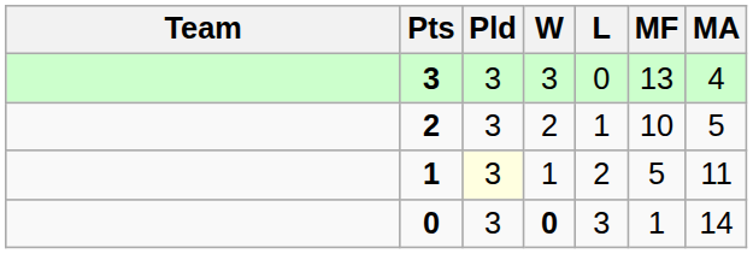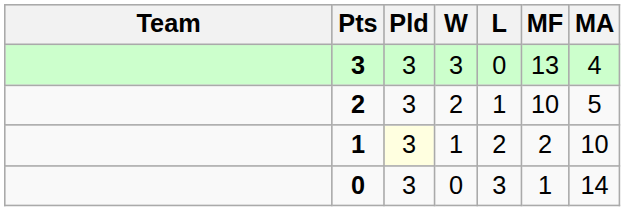 <table class=wikitable style="text-align:center">
 <tr>
 <th width=200>Team</th>
 <th width=20>Pts</th>
 <th width=20>Pld</th>
 <th width=20>W</th>
 <th width=20>L</th>
 <th width=20>MF</th>
 <th width=20>MA</th>
 </tr>
 <tr bgcolor=ccffcc>
 <td style="text-align:left"><strong></strong></td>
 <td><strong>3</strong></td>
 <td>3</td>
 <td>3</td>
 <td>0</td>
 <td>13</td>
 <td>4</td>
 </tr>
 <tr>
 <td style="text-align:left"></td>
 <td><strong>2</strong></td>
 <td>3</td>
 <td>2</td>
 <td>1</td>
 <td>10</td>
 <td>5</td>
 </tr>
 <tr>
 <td style="text-align:left"></td>
 <td><strong>1</strong></td>
 <td style="background: lightyellow;">3</td>
 <td>1</td>
 <td>2</td>
-<td>5</td>
-<td>11</td>
+<td>2</td>
+<td>10</td>
 </tr>
 <tr>
 <td style="text-align:left"></td>
 <td><strong>0</strong></td>
 <td>3</td>
-<td><strong>0</strong></td>
+<td>0</td>
 <td>3</td>
 <td>1</td>
 <td>14</td>
 </tr>
 </table>
